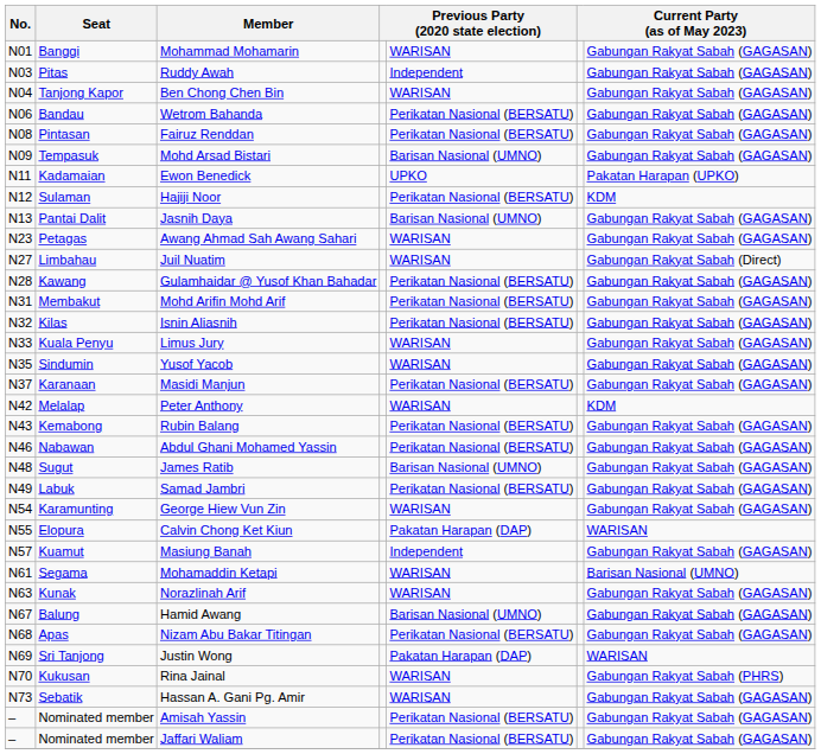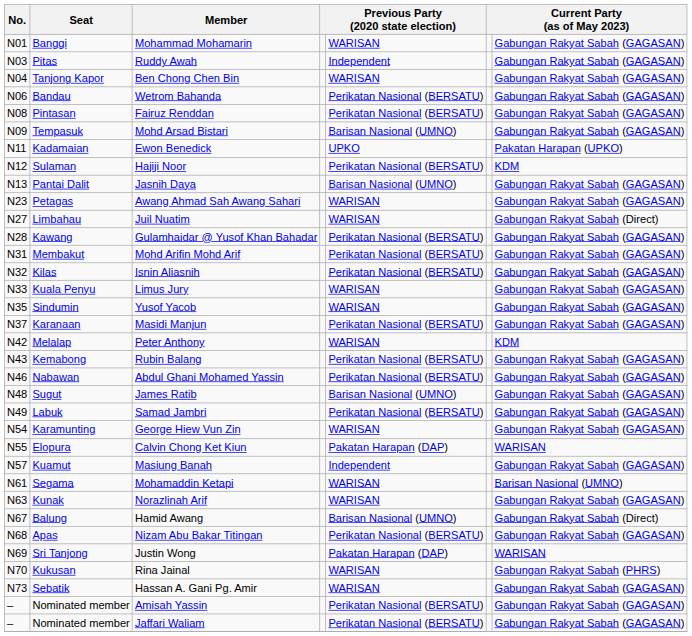 <table class="wikitable sortable" style="font-size:95%;">
 <tr>
 <th scope="col">No.</th>
 <th scope="col">Seat</th>
 <th scope="col">Member</th>
 <th colspan="2" scope="col">Previous Party<br>(2020 state election)</th>
 <th colspan="2" scope="col">Current Party<br>(as of May 2023)</th>
 </tr>
 <tr>
 <td>N01</td>
 <td><a href='#'>Banggi</a></td>
 <td><a href='#'>Mohammad Mohamarin</a></td>
 <td width="1"></td>
 <td><a href='#'>WARISAN</a></td>
 <td width="1"></td>
 <td><a href='#'>Gabungan Rakyat Sabah</a> (<a href='#'>GAGASAN</a>)</td>
 </tr>
 <tr>
 <td>N03</td>
 <td><a href='#'>Pitas</a></td>
 <td><a href='#'>Ruddy Awah</a></td>
 <td width="1"></td>
 <td><a href='#'>Independent</a></td>
 <td width="1"></td>
 <td><a href='#'>Gabungan Rakyat Sabah</a> (<a href='#'>GAGASAN</a>)</td>
 </tr>
 <tr>
 <td>N04</td>
 <td><a href='#'>Tanjong Kapor</a></td>
 <td><a href='#'>Ben Chong Chen Bin</a></td>
 <td width="1"></td>
 <td><a href='#'>WARISAN</a></td>
 <td width="1"></td>
 <td><a href='#'>Gabungan Rakyat Sabah</a> (<a href='#'>GAGASAN</a>)</td>
 </tr>
 <tr>
 <td>N06</td>
 <td><a href='#'>Bandau</a></td>
 <td><a href='#'>Wetrom Bahanda</a></td>
 <td width="1"></td>
 <td><a href='#'>Perikatan Nasional</a> (<a href='#'>BERSATU</a>)</td>
 <td width="1"></td>
 <td><a href='#'>Gabungan Rakyat Sabah</a> (<a href='#'>GAGASAN</a>)</td>
 </tr>
 <tr>
 <td>N08</td>
 <td><a href='#'>Pintasan</a></td>
 <td><a href='#'>Fairuz Renddan</a></td>
 <td width="1"></td>
 <td><a href='#'>Perikatan Nasional</a> (<a href='#'>BERSATU</a>)</td>
 <td width="1"></td>
 <td><a href='#'>Gabungan Rakyat Sabah</a> (<a href='#'>GAGASAN</a>)</td>
 </tr>
 <tr>
 <td>N09</td>
 <td><a href='#'>Tempasuk</a></td>
 <td><a href='#'>Mohd Arsad Bistari</a></td>
 <td width="1"></td>
 <td><a href='#'>Barisan Nasional</a> (<a href='#'>UMNO</a>)</td>
 <td width="1"></td>
 <td><a href='#'>Gabungan Rakyat Sabah</a> (<a href='#'>GAGASAN</a>)</td>
 </tr>
 <tr>
 <td>N11</td>
 <td><a href='#'>Kadamaian</a></td>
 <td><a href='#'>Ewon Benedick</a></td>
 <td width="1"></td>
 <td><a href='#'>UPKO</a></td>
 <td width="1"></td>
 <td><a href='#'>Pakatan Harapan</a> (<a href='#'>UPKO</a>)</td>
 </tr>
 <tr>
 <td>N12</td>
 <td><a href='#'>Sulaman</a></td>
 <td><a href='#'>Hajiji Noor</a></td>
 <td width="1"></td>
 <td><a href='#'>Perikatan Nasional</a> (<a href='#'>BERSATU</a>)</td>
 <td width="1"></td>
 <td><a href='#'>KDM</a></td>
 </tr>
 <tr>
 <td>N13</td>
 <td><a href='#'>Pantai Dalit</a></td>
 <td><a href='#'>Jasnih Daya</a></td>
 <td width="1"></td>
 <td><a href='#'>Barisan Nasional</a> (<a href='#'>UMNO</a>)</td>
 <td width="1"></td>
 <td><a href='#'>Gabungan Rakyat Sabah</a> (<a href='#'>GAGASAN</a>)</td>
 </tr>
 <tr>
 <td>N23</td>
 <td><a href='#'>Petagas</a></td>
 <td><a href='#'>Awang Ahmad Sah Awang Sahari</a></td>
 <td width="1"></td>
 <td><a href='#'>WARISAN</a></td>
 <td width="1"></td>
 <td><a href='#'>Gabungan Rakyat Sabah</a> (<a href='#'>GAGASAN</a>)</td>
 </tr>
 <tr>
 <td>N27</td>
 <td><a href='#'>Limbahau</a></td>
 <td><a href='#'>Juil Nuatim</a></td>
 <td width="1"></td>
 <td><a href='#'>WARISAN</a></td>
 <td width="1"></td>
 <td><a href='#'>Gabungan Rakyat Sabah</a> (Direct)</td>
 </tr>
 <tr>
 <td>N28</td>
 <td><a href='#'>Kawang</a></td>
 <td><a href='#'>Gulamhaidar @ Yusof Khan Bahadar</a></td>
 <td width="1"></td>
 <td><a href='#'>Perikatan Nasional</a> (<a href='#'>BERSATU</a>)</td>
 <td width="1"></td>
 <td><a href='#'>Gabungan Rakyat Sabah</a> (<a href='#'>GAGASAN</a>)</td>
 </tr>
 <tr>
 <td>N31</td>
 <td><a href='#'>Membakut</a></td>
 <td><a href='#'>Mohd Arifin Mohd Arif</a></td>
 <td width="1"></td>
 <td><a href='#'>Perikatan Nasional</a> (<a href='#'>BERSATU</a>)</td>
 <td width="1"></td>
 <td><a href='#'>Gabungan Rakyat Sabah</a> (<a href='#'>GAGASAN</a>)</td>
 </tr>
 <tr>
 <td>N32</td>
 <td><a href='#'>Kilas</a></td>
 <td><a href='#'>Isnin Aliasnih</a></td>
 <td width="1"></td>
 <td><a href='#'>Perikatan Nasional</a> (<a href='#'>BERSATU</a>)</td>
 <td width="1"></td>
 <td><a href='#'>Gabungan Rakyat Sabah</a> (<a href='#'>GAGASAN</a>)</td>
 </tr>
 <tr>
 <td>N33</td>
 <td><a href='#'>Kuala Penyu</a></td>
 <td><a href='#'>Limus Jury</a></td>
 <td width="1"></td>
 <td><a href='#'>WARISAN</a></td>
 <td width="1"></td>
 <td><a href='#'>Gabungan Rakyat Sabah</a> (<a href='#'>GAGASAN</a>)</td>
 </tr>
 <tr>
 <td>N35</td>
 <td><a href='#'>Sindumin</a></td>
 <td><a href='#'>Yusof Yacob</a></td>
 <td width="1"></td>
 <td><a href='#'>WARISAN</a></td>
 <td width="1"></td>
 <td><a href='#'>Gabungan Rakyat Sabah</a> (<a href='#'>GAGASAN</a>)</td>
 </tr>
 <tr>
 <td>N37</td>
 <td><a href='#'>Karanaan</a></td>
 <td><a href='#'>Masidi Manjun</a></td>
 <td width="1"></td>
 <td><a href='#'>Perikatan Nasional</a> (<a href='#'>BERSATU</a>)</td>
 <td width="1"></td>
 <td><a href='#'>Gabungan Rakyat Sabah</a> (<a href='#'>GAGASAN</a>)</td>
 </tr>
 <tr>
 <td>N42</td>
 <td><a href='#'>Melalap</a></td>
 <td><a href='#'>Peter Anthony</a></td>
 <td width="1"></td>
 <td><a href='#'>WARISAN</a></td>
 <td width="1"></td>
 <td><a href='#'>KDM</a></td>
 </tr>
 <tr>
 <td>N43</td>
 <td><a href='#'>Kemabong</a></td>
 <td><a href='#'>Rubin Balang</a></td>
 <td width="1"></td>
 <td><a href='#'>Perikatan Nasional</a> (<a href='#'>BERSATU</a>)</td>
 <td width="1"></td>
 <td><a href='#'>Gabungan Rakyat Sabah</a> (<a href='#'>GAGASAN</a>)</td>
 </tr>
 <tr>
 <td>N46</td>
 <td><a href='#'>Nabawan</a></td>
 <td><a href='#'>Abdul Ghani Mohamed Yassin</a></td>
 <td width="1"></td>
 <td><a href='#'>Perikatan Nasional</a> (<a href='#'>BERSATU</a>)</td>
 <td width="1"></td>
 <td><a href='#'>Gabungan Rakyat Sabah</a> (<a href='#'>GAGASAN</a>)</td>
 </tr>
 <tr>
 <td>N48</td>
 <td><a href='#'>Sugut</a></td>
 <td><a href='#'>James Ratib</a></td>
 <td width="1"></td>
 <td><a href='#'>Barisan Nasional</a> (<a href='#'>UMNO</a>)</td>
 <td width="1"></td>
 <td><a href='#'>Gabungan Rakyat Sabah</a> (<a href='#'>GAGASAN</a>)</td>
 </tr>
 <tr>
 <td>N49</td>
 <td><a href='#'>Labuk</a></td>
 <td><a href='#'>Samad Jambri</a></td>
 <td width="1"></td>
 <td><a href='#'>Perikatan Nasional</a> (<a href='#'>BERSATU</a>)</td>
 <td width="1"></td>
 <td><a href='#'>Gabungan Rakyat Sabah</a> (<a href='#'>GAGASAN</a>)</td>
 </tr>
 <tr>
 <td>N54</td>
 <td><a href='#'>Karamunting</a></td>
 <td><a href='#'>George Hiew Vun Zin</a></td>
 <td width="1"></td>
 <td><a href='#'>WARISAN</a></td>
 <td width="1"></td>
 <td><a href='#'>Gabungan Rakyat Sabah</a> (<a href='#'>GAGASAN</a>)</td>
 </tr>
 <tr>
 <td>N55</td>
 <td><a href='#'>Elopura</a></td>
 <td><a href='#'>Calvin Chong Ket Kiun</a></td>
 <td width="1"></td>
 <td><a href='#'>Pakatan Harapan</a> (<a href='#'>DAP</a>)</td>
 <td width="1"></td>
 <td><a href='#'>WARISAN</a></td>
 </tr>
 <tr>
 <td>N57</td>
 <td><a href='#'>Kuamut</a></td>
 <td><a href='#'>Masiung Banah</a></td>
 <td width="1"></td>
 <td><a href='#'>Independent</a></td>
 <td width="1"></td>
 <td><a href='#'>Gabungan Rakyat Sabah</a> (<a href='#'>GAGASAN</a>)</td>
 </tr>
 <tr>
 <td>N61</td>
 <td><a href='#'>Segama</a></td>
 <td><a href='#'>Mohamaddin Ketapi</a></td>
 <td width="1"></td>
 <td><a href='#'>WARISAN</a></td>
 <td width="1"></td>
 <td><a href='#'>Barisan Nasional</a> (<a href='#'>UMNO</a>)</td>
 </tr>
 <tr>
 <td>N63</td>
 <td><a href='#'>Kunak</a></td>
 <td><a href='#'>Norazlinah Arif</a></td>
 <td width="1"></td>
 <td><a href='#'>WARISAN</a></td>
 <td width="1"></td>
 <td><a href='#'>Gabungan Rakyat Sabah</a> (<a href='#'>GAGASAN</a>)</td>
 </tr>
 <tr>
 <td>N67</td>
 <td><a href='#'>Balung</a></td>
 <td>Hamid Awang</td>
 <td width="1"></td>
 <td><a href='#'>Barisan Nasional</a> (<a href='#'>UMNO</a>)</td>
 <td width="1"></td>
-<td><a href='#'>Gabungan Rakyat Sabah</a> (<a href='#'>GAGASAN</a>)</td>
+<td><a href='#'>Gabungan Rakyat Sabah</a> (Direct)</td>
 </tr>
 <tr>
 <td>N68</td>
 <td><a href='#'>Apas</a></td>
 <td><a href='#'>Nizam Abu Bakar Titingan</a></td>
 <td width="1"></td>
 <td><a href='#'>Perikatan Nasional</a> (<a href='#'>BERSATU</a>)</td>
 <td width="1"></td>
 <td><a href='#'>Gabungan Rakyat Sabah</a> (<a href='#'>GAGASAN</a>)</td>
 </tr>
 <tr>
 <td>N69</td>
 <td><a href='#'>Sri Tanjong</a></td>
 <td>Justin Wong</td>
 <td width="1"></td>
 <td><a href='#'>Pakatan Harapan</a> (<a href='#'>DAP</a>)</td>
 <td width="1"></td>
 <td><a href='#'>WARISAN</a></td>
 </tr>
 <tr>
 <td>N70</td>
 <td><a href='#'>Kukusan</a></td>
 <td>Rina Jainal</td>
 <td></td>
 <td><a href='#'>WARISAN</a></td>
 <td width="1"></td>
 <td><a href='#'>Gabungan Rakyat Sabah</a> (<a href='#'>PHRS</a>)</td>
 </tr>
 <tr>
 <td>N73</td>
 <td><a href='#'>Sebatik</a></td>
 <td>Hassan A. Gani Pg. Amir</td>
 <td width="1"></td>
 <td><a href='#'>WARISAN</a></td>
 <td width="1"></td>
 <td><a href='#'>Gabungan Rakyat Sabah</a> (<a href='#'>GAGASAN</a>)</td>
 </tr>
 <tr>
 <td>–</td>
 <td>Nominated member</td>
 <td><a href='#'>Amisah Yassin</a></td>
 <td width="1"></td>
 <td><a href='#'>Perikatan Nasional</a> (<a href='#'>BERSATU</a>)</td>
 <td width="1"></td>
 <td><a href='#'>Gabungan Rakyat Sabah</a> (<a href='#'>GAGASAN</a>)</td>
 </tr>
 <tr>
 <td>–</td>
 <td>Nominated member</td>
 <td><a href='#'>Jaffari Waliam</a></td>
 <td width="1"></td>
 <td><a href='#'>Perikatan Nasional</a> (<a href='#'>BERSATU</a>)</td>
 <td width="1"></td>
 <td><a href='#'>Gabungan Rakyat Sabah</a> (<a href='#'>GAGASAN</a>)</td>
 </tr>
 <tr>
 </tr>
 </table>
